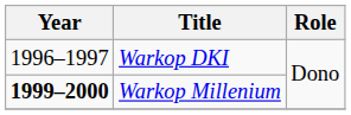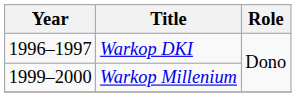 <table class="wikitable">
 <tr>
 <th>Year</th>
 <th>Title</th>
 <th>Role</th>
 </tr>
 <tr>
 <td align=center>1996–1997</td>
 <td><em><a href='#'>Warkop DKI</a></em></td>
 <td rowspan=2>Dono</td>
 </tr>
 <tr>
-<td align=center><strong>1999–2000</strong></td>
+<td align=center>1999–2000</td>
 <td><em><a href='#'>Warkop Millenium</a></em></td>
 </tr>
 <tr>
 </tr>
 </table>
